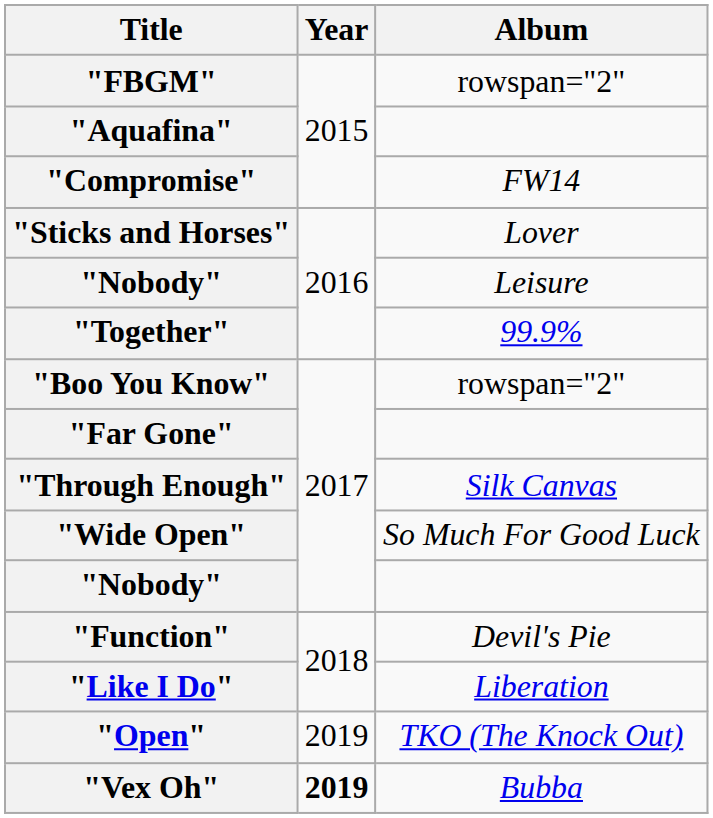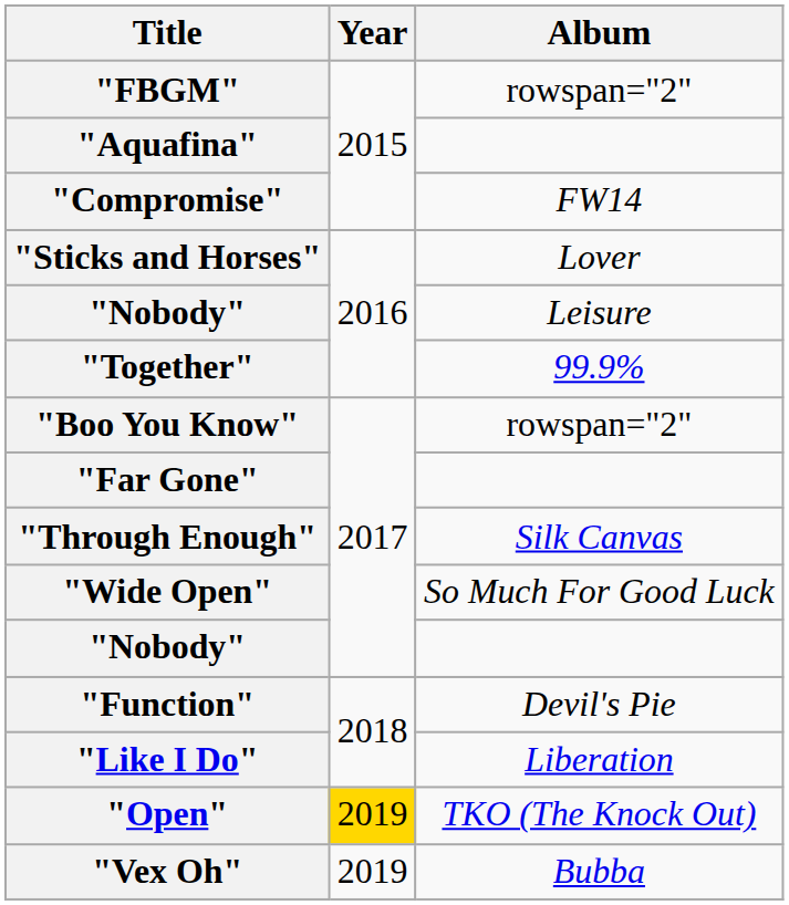 <table class="wikitable plainrowheaders" style="text-align:center;">
 <tr>
 <th scope="col">Title</th>
 <th scope="col">Year</th>
 <th scope="col">Album</th>
 </tr>
 <tr>
 <th scope="row">"FBGM"<br></th>
 <td rowspan="3">2015</td>
 <td>rowspan="2" </td>
 </tr>
 <tr>
 <th scope="row">"Aquafina"<br></th>
 </tr>
 <tr>
 <th scope="row">"Compromise"<br></th>
 <td><em>FW14</em></td>
 </tr>
 <tr>
 <th scope="row">"Sticks and Horses"<br></th>
 <td rowspan="3">2016</td>
 <td><em>Lover</em></td>
 </tr>
 <tr>
 <th scope="row">"Nobody"<br></th>
 <td><em>Leisure</em></td>
 </tr>
 <tr>
 <th scope="row">"Together"<br></th>
 <td><em><a href='#'>99.9%</a></em></td>
 </tr>
 <tr>
 <th scope="row">"Boo You Know"<br></th>
 <td rowspan="5">2017</td>
 <td>rowspan="2" </td>
 </tr>
 <tr>
 <th scope="row">"Far Gone"<br></th>
 </tr>
 <tr>
 <th scope="row">"Through Enough"<br></th>
 <td><em><a href='#'>Silk Canvas</a></em></td>
 </tr>
 <tr>
 <th scope="row">"Wide Open"<br></th>
 <td><em>So Much For Good Luck</em></td>
 </tr>
 <tr>
 <th scope="row">"Nobody"<br></th>
 <td></td>
 </tr>
 <tr>
 <th scope="row">"Function"<br></th>
 <td rowspan="2">2018</td>
 <td><em>Devil's Pie</em></td>
 </tr>
 <tr>
 <th scope="row">"<a href='#'>Like I Do</a>"<br></th>
 <td><em><a href='#'>Liberation</a></em></td>
 </tr>
 <tr>
 <th scope="row">"<a href='#'>Open</a>"<br></th>
-<td>2019</td>
+<td style="background: gold;">2019</td>
 <td><em><a href='#'>TKO (The Knock Out)</a></em></td>
 </tr>
 <tr>
 <th scope="row">"Vex Oh"<br></th>
-<td><strong>2019</strong></td>
+<td>2019</td>
 <td><em><a href='#'>Bubba</a></em></td>
 </tr>
 </table>
